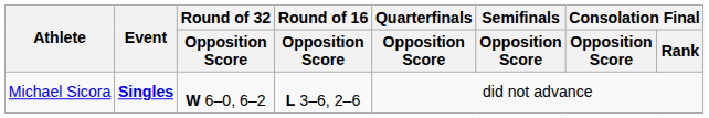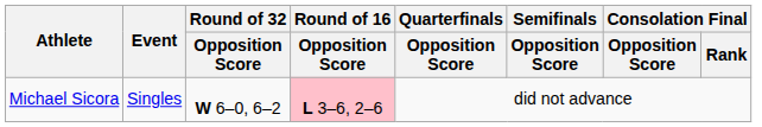 <table class="wikitable" border="1" style="font-size:90%">
 <tr>
 <th rowspan=2>Athlete</th>
 <th rowspan=2>Event</th>
 <th>Round of 32</th>
 <th>Round of 16</th>
 <th>Quarterfinals</th>
 <th>Semifinals</th>
 <th colspan=2>Consolation Final</th>
 </tr>
 <tr>
 <th>Opposition<br>Score</th>
 <th>Opposition<br>Score</th>
 <th>Opposition<br>Score</th>
 <th>Opposition<br>Score</th>
 <th>Opposition<br>Score</th>
 <th>Rank</th>
 </tr>
 <tr>
 <td><a href='#'>Michael Sicora</a></td>
-<td><strong><a href='#'>Singles</a></strong></td>
+<td><a href='#'>Singles</a></td>
 <td align=center><br> <strong>W</strong> 6–0, 6–2</td>
-<td align=center><br> <strong>L</strong> 3–6, 2–6</td>
+<td align=center style="background: pink;"><br> <strong>L</strong> 3–6, 2–6</td>
 <td align=center colspan=4>did not advance</td>
 </tr>
 </table>
